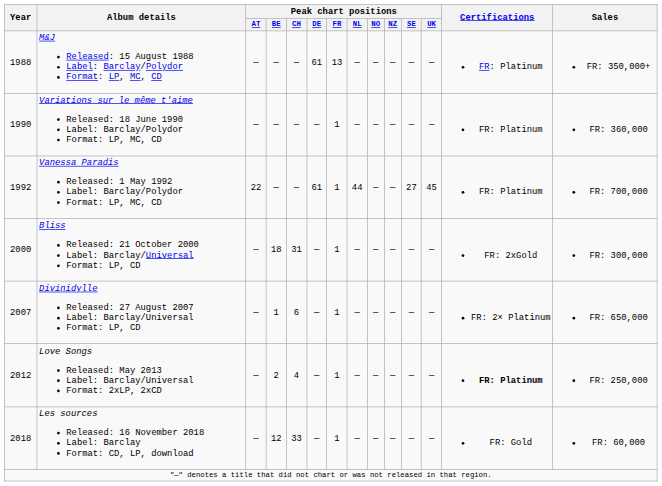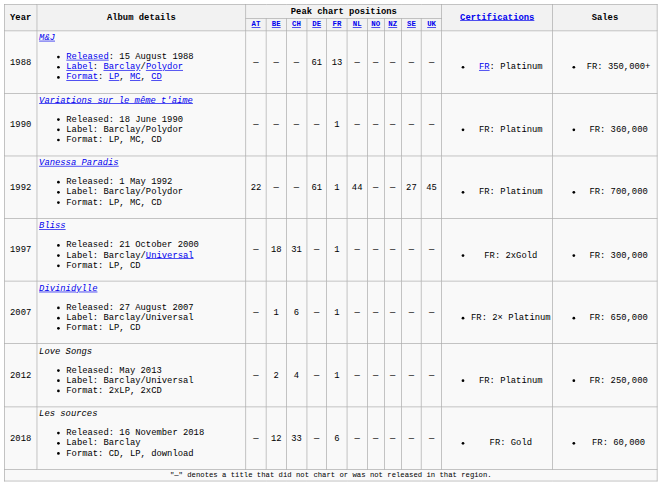 <table class="wikitable" style="text-align:center;">
 <tr>
 <th rowspan=2 width=5%>Year</th>
 <th rowspan=2 width=32%>Album details</th>
 <th colspan=10 width=30%>Peak chart positions</th>
 <th rowspan=2 width=17%><a href='#'>Certifications</a></th>
 <th rowspan=2 width=16%>Sales</th>
 </tr>
 <tr style=font-size:smaller>
 <th width:3%><a href='#'>AT</a><br></th>
 <th width:3%><a href='#'>BE</a><br></th>
 <th width:3%><a href='#'>CH</a><br></th>
 <th width:3%><a href='#'>DE</a><br></th>
 <th width:3%><a href='#'>FR</a><br></th>
 <th width:3%><a href='#'>NL</a><br></th>
 <th width:3%><a href='#'>NO</a><br></th>
 <th width:3%><a href='#'>NZ</a><br></th>
 <th width:3%><a href='#'>SE</a><br></th>
 <th width:3%><a href='#'>UK</a><br></th>
 </tr>
 <tr>
 <td>1988</td>
 <td align=left><em><a href='#'>M&J</a></em><br><ul><li><a href='#'>Released</a>: 15 August 1988</li><li><a href='#'>Label</a>: <a href='#'>Barclay</a>/<a href='#'>Polydor</a> </li><li><a href='#'>Format</a>: <a href='#'>LP</a>, <a href='#'>MC</a>, <a href='#'>CD</a></li></ul></td>
 <td>—</td>
 <td>—</td>
 <td>—</td>
 <td>61</td>
 <td>13</td>
 <td>—</td>
 <td>—</td>
 <td>—</td>
 <td>—</td>
 <td>—</td>
 <td><br><ul><li><a href='#'>FR</a>: Platinum</li></ul></td>
 <td><br><ul><li>FR: 350,000+</li></ul></td>
 </tr>
 <tr>
 <td>1990</td>
 <td align=left><em><a href='#'>Variations sur le même t'aime</a></em><br><ul><li>Released: 18 June 1990</li><li>Label: Barclay/Polydor </li><li>Format: LP, MC, CD</li></ul></td>
 <td>—</td>
 <td>—</td>
 <td>—</td>
 <td>—</td>
 <td>1</td>
 <td>—</td>
 <td>—</td>
 <td>—</td>
 <td>—</td>
 <td>—</td>
 <td><br><ul><li>FR: Platinum</li></ul></td>
 <td><br><ul><li>FR: 360,000</li></ul></td>
 </tr>
 <tr>
 <td>1992</td>
 <td align=left><em><a href='#'>Vanessa Paradis</a></em><br><ul><li>Released: 1 May 1992</li><li>Label: Barclay/Polydor </li><li>Format: LP, MC, CD</li></ul></td>
 <td>22</td>
 <td>—</td>
 <td>—</td>
 <td>61</td>
 <td>1</td>
 <td>44</td>
 <td>—</td>
 <td>—</td>
 <td>27</td>
 <td>45</td>
 <td><br><ul><li>FR: Platinum</li></ul></td>
 <td><br><ul><li>FR: 700,000</li></ul></td>
 </tr>
 <tr>
-<td>2000</td>
+<td>1997</td>
 <td align=left><em><a href='#'>Bliss</a></em><br><ul><li>Released: 21 October 2000</li><li>Label: Barclay/<a href='#'>Universal</a> </li><li>Format: LP, CD</li></ul></td>
 <td>—</td>
 <td>18</td>
 <td>31</td>
 <td>—</td>
 <td>1</td>
 <td>—</td>
 <td>—</td>
 <td>—</td>
 <td>—</td>
 <td>—</td>
 <td><br><ul><li>FR: 2xGold</li></ul></td>
 <td><br><ul><li>FR: 300,000</li></ul></td>
 </tr>
 <tr>
 <td>2007</td>
 <td align=left><em><a href='#'>Divinidylle</a></em><br><ul><li>Released: 27 August 2007</li><li>Label: Barclay/Universal </li><li>Format: LP, CD</li></ul></td>
 <td>—</td>
 <td>1</td>
 <td>6</td>
 <td>—</td>
 <td>1</td>
 <td>—</td>
 <td>—</td>
 <td>—</td>
 <td>—</td>
 <td>—</td>
 <td><br><ul><li>FR: 2× Platinum</li></ul></td>
 <td><br><ul><li>FR: 650,000</li></ul></td>
 </tr>
 <tr>
 <td>2012</td>
 <td align=left><em>Love Songs</em><br><ul><li>Released: May 2013</li><li>Label: Barclay/Universal</li><li>Format: 2xLP, 2xCD</li></ul></td>
 <td>—</td>
 <td>2</td>
 <td>4</td>
 <td>—</td>
 <td>1</td>
 <td>—</td>
 <td>—</td>
 <td>—</td>
 <td>—</td>
 <td>—</td>
-<td><strong><br><ul><li>FR: Platinum</li></ul></strong></td>
+<td><br><ul><li>FR: Platinum</li></ul></td>
 <td><br><ul><li>FR: 250,000</li></ul></td>
 </tr>
 <tr>
 <td>2018</td>
 <td align=left><em>Les sources</em><br><ul><li>Released: 16 November 2018</li><li>Label: Barclay</li><li>Format: CD, LP, download</li></ul></td>
 <td>—</td>
 <td>12</td>
 <td>33</td>
 <td>—</td>
-<td>1<br></td>
+<td>6<br></td>
 <td>—</td>
 <td>—</td>
 <td>—</td>
 <td>—</td>
 <td>—</td>
 <td><br><ul><li>FR: Gold</li></ul></td>
 <td><br><ul><li>FR: 60,000</li></ul></td>
 </tr>
 <tr>
 <td colspan=14 style=font-size:8pt>"—" denotes a title that did not chart or was not released in that region.</td>
 </tr>
 </table>
